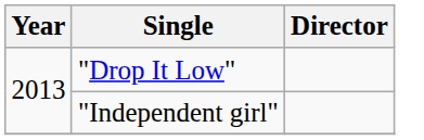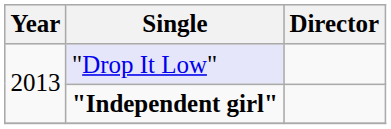 <table class="wikitable">
 <tr>
 <th scope="col">Year</th>
 <th scope="col">Single</th>
 <th scope="col">Director</th>
 </tr>
 <tr>
 <td rowspan="2">2013</td>
-<td>"<a href='#'>Drop It Low</a>"</td>
+<td style="background: lavender;">"<a href='#'>Drop It Low</a>"</td>
 <td></td>
 </tr>
 <tr>
-<td>"Independent girl"</td>
+<td><strong>"Independent girl"</strong></td>
 <td></td>
 </tr>
 <tr>
 </tr>
 </table>
